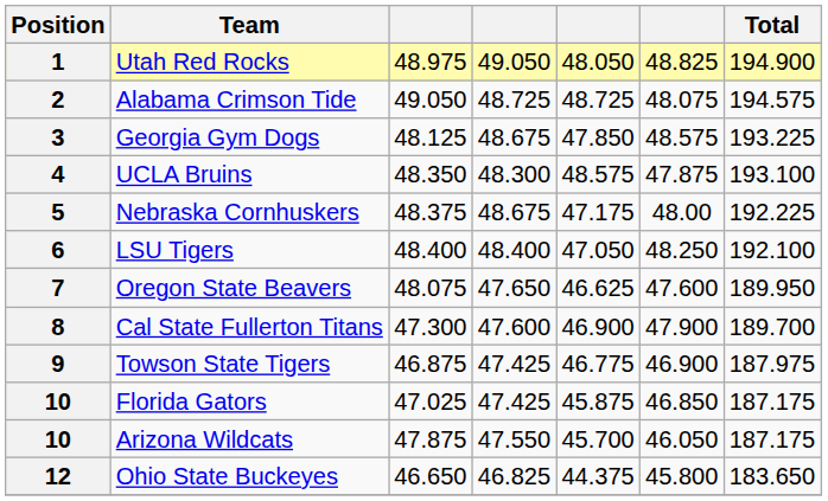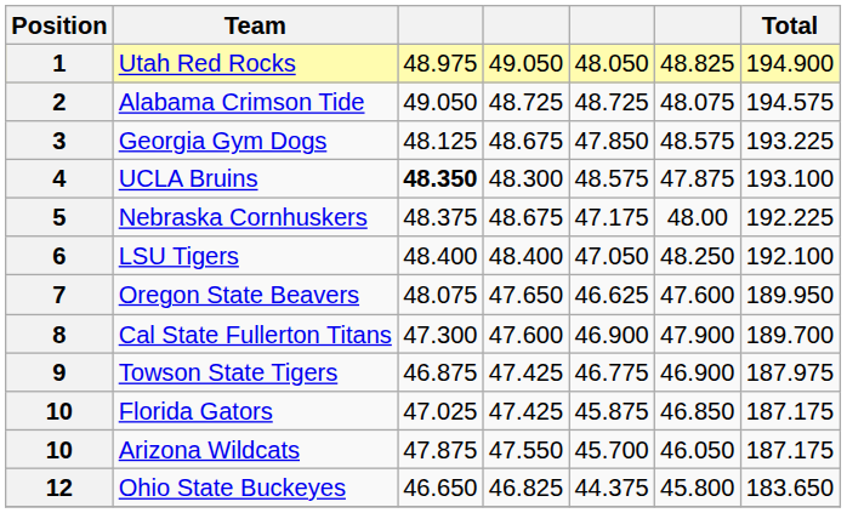 <table class="wikitable sortable" style="text-align:center; font-size:95%">
 <tr>
 <th scope=col>Position</th>
 <th scope=col>Team</th>
 <th scope=col></th>
 <th scope=col></th>
 <th scope=col></th>
 <th scope=col></th>
 <th scope=col>Total</th>
 </tr>
 <tr bgcolor=fffcaf>
 <th scope=row>1</th>
 <td align=left><a href='#'>Utah Red Rocks</a></td>
 <td>48.975</td>
 <td>49.050</td>
 <td>48.050</td>
 <td>48.825</td>
 <td>194.900</td>
 </tr>
 <tr>
 <th scope=row>2</th>
 <td align=left><a href='#'>Alabama Crimson Tide</a></td>
 <td>49.050</td>
 <td>48.725</td>
 <td>48.725</td>
 <td>48.075</td>
 <td>194.575</td>
 </tr>
 <tr>
 <th scope=row>3</th>
 <td align=left><a href='#'>Georgia Gym Dogs</a></td>
 <td>48.125</td>
 <td>48.675</td>
 <td>47.850</td>
 <td>48.575</td>
 <td>193.225</td>
 </tr>
 <tr>
 <th scope=row>4</th>
 <td align=left><a href='#'>UCLA Bruins</a></td>
-<td>48.350</td>
+<td><strong>48.350</strong></td>
 <td>48.300</td>
 <td>48.575</td>
 <td>47.875</td>
 <td>193.100</td>
 </tr>
 <tr>
 <th scope=row>5</th>
 <td align=left><a href='#'>Nebraska Cornhuskers</a></td>
 <td>48.375</td>
 <td>48.675</td>
 <td>47.175</td>
 <td>48.00</td>
 <td>192.225</td>
 </tr>
 <tr>
 <th scope=row>6</th>
 <td align=left><a href='#'>LSU Tigers</a></td>
 <td>48.400</td>
 <td>48.400</td>
 <td>47.050</td>
 <td>48.250</td>
 <td>192.100</td>
 </tr>
 <tr>
 <th scope=row>7</th>
 <td align=left><a href='#'>Oregon State Beavers</a></td>
 <td>48.075</td>
 <td>47.650</td>
 <td>46.625</td>
 <td>47.600</td>
 <td>189.950</td>
 </tr>
 <tr>
 <th scope=row>8</th>
 <td align=left><a href='#'>Cal State Fullerton Titans</a></td>
 <td>47.300</td>
 <td>47.600</td>
 <td>46.900</td>
 <td>47.900</td>
 <td>189.700</td>
 </tr>
 <tr>
 <th scope=row>9</th>
 <td align=left><a href='#'>Towson State Tigers</a></td>
 <td>46.875</td>
 <td>47.425</td>
 <td>46.775</td>
 <td>46.900</td>
 <td>187.975</td>
 </tr>
 <tr>
 <th scope=row>10</th>
 <td align=left><a href='#'>Florida Gators</a></td>
 <td>47.025</td>
 <td>47.425</td>
 <td>45.875</td>
 <td>46.850</td>
 <td>187.175</td>
 </tr>
 <tr>
 <th scope=row>10</th>
 <td align=left><a href='#'>Arizona Wildcats</a></td>
 <td>47.875</td>
 <td>47.550</td>
 <td>45.700</td>
 <td>46.050</td>
 <td>187.175</td>
 </tr>
 <tr>
 <th scope=row>12</th>
 <td align=left><a href='#'>Ohio State Buckeyes</a></td>
 <td>46.650</td>
 <td>46.825</td>
 <td>44.375</td>
 <td>45.800</td>
 <td>183.650</td>
 </tr>
 <tr>
 </tr>
 </table>
